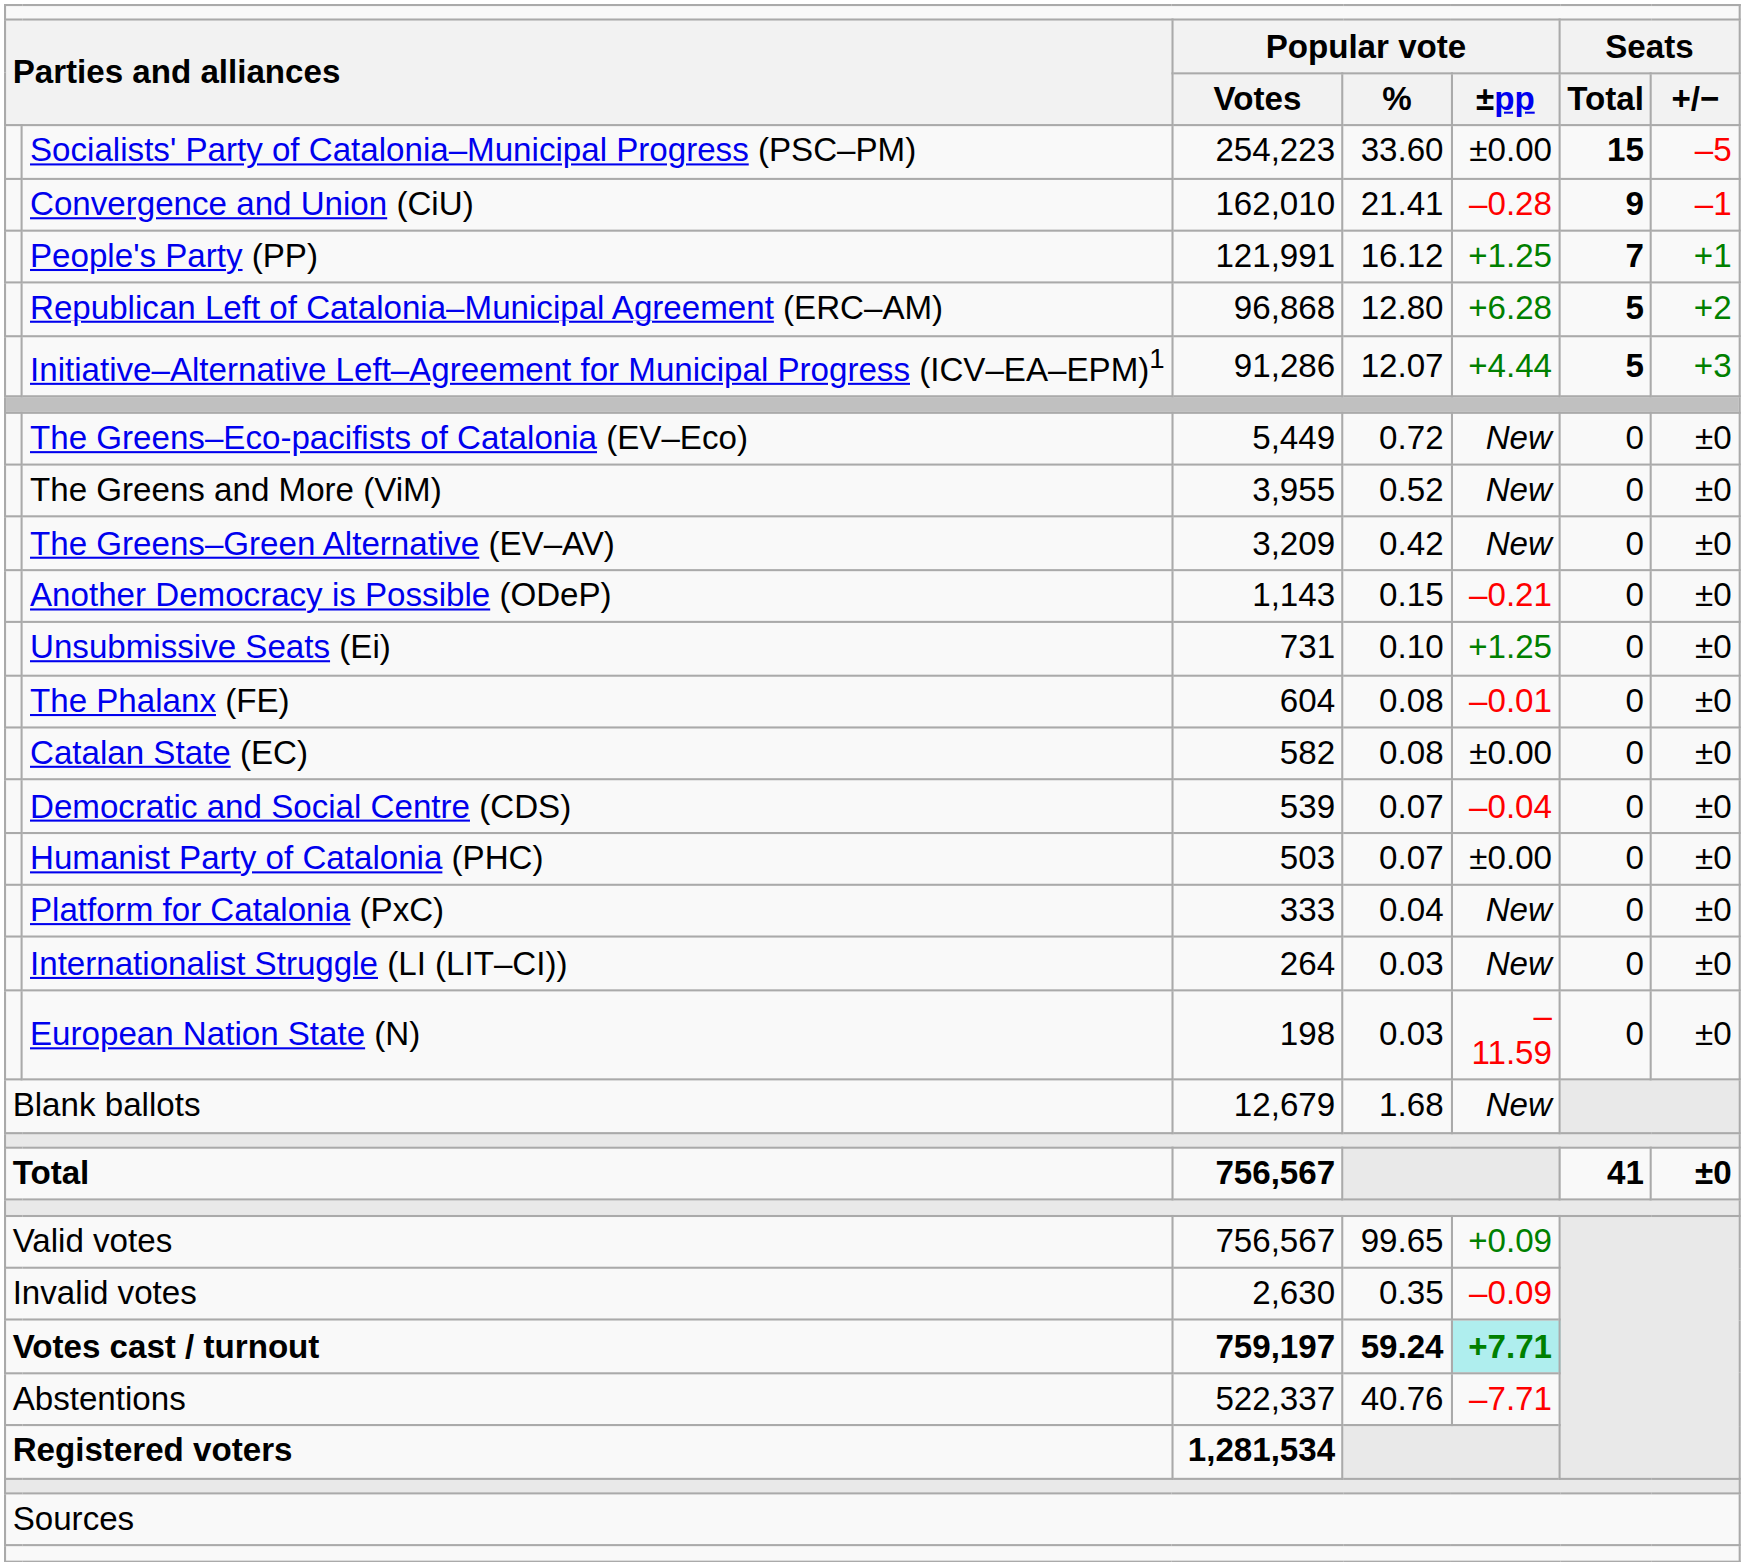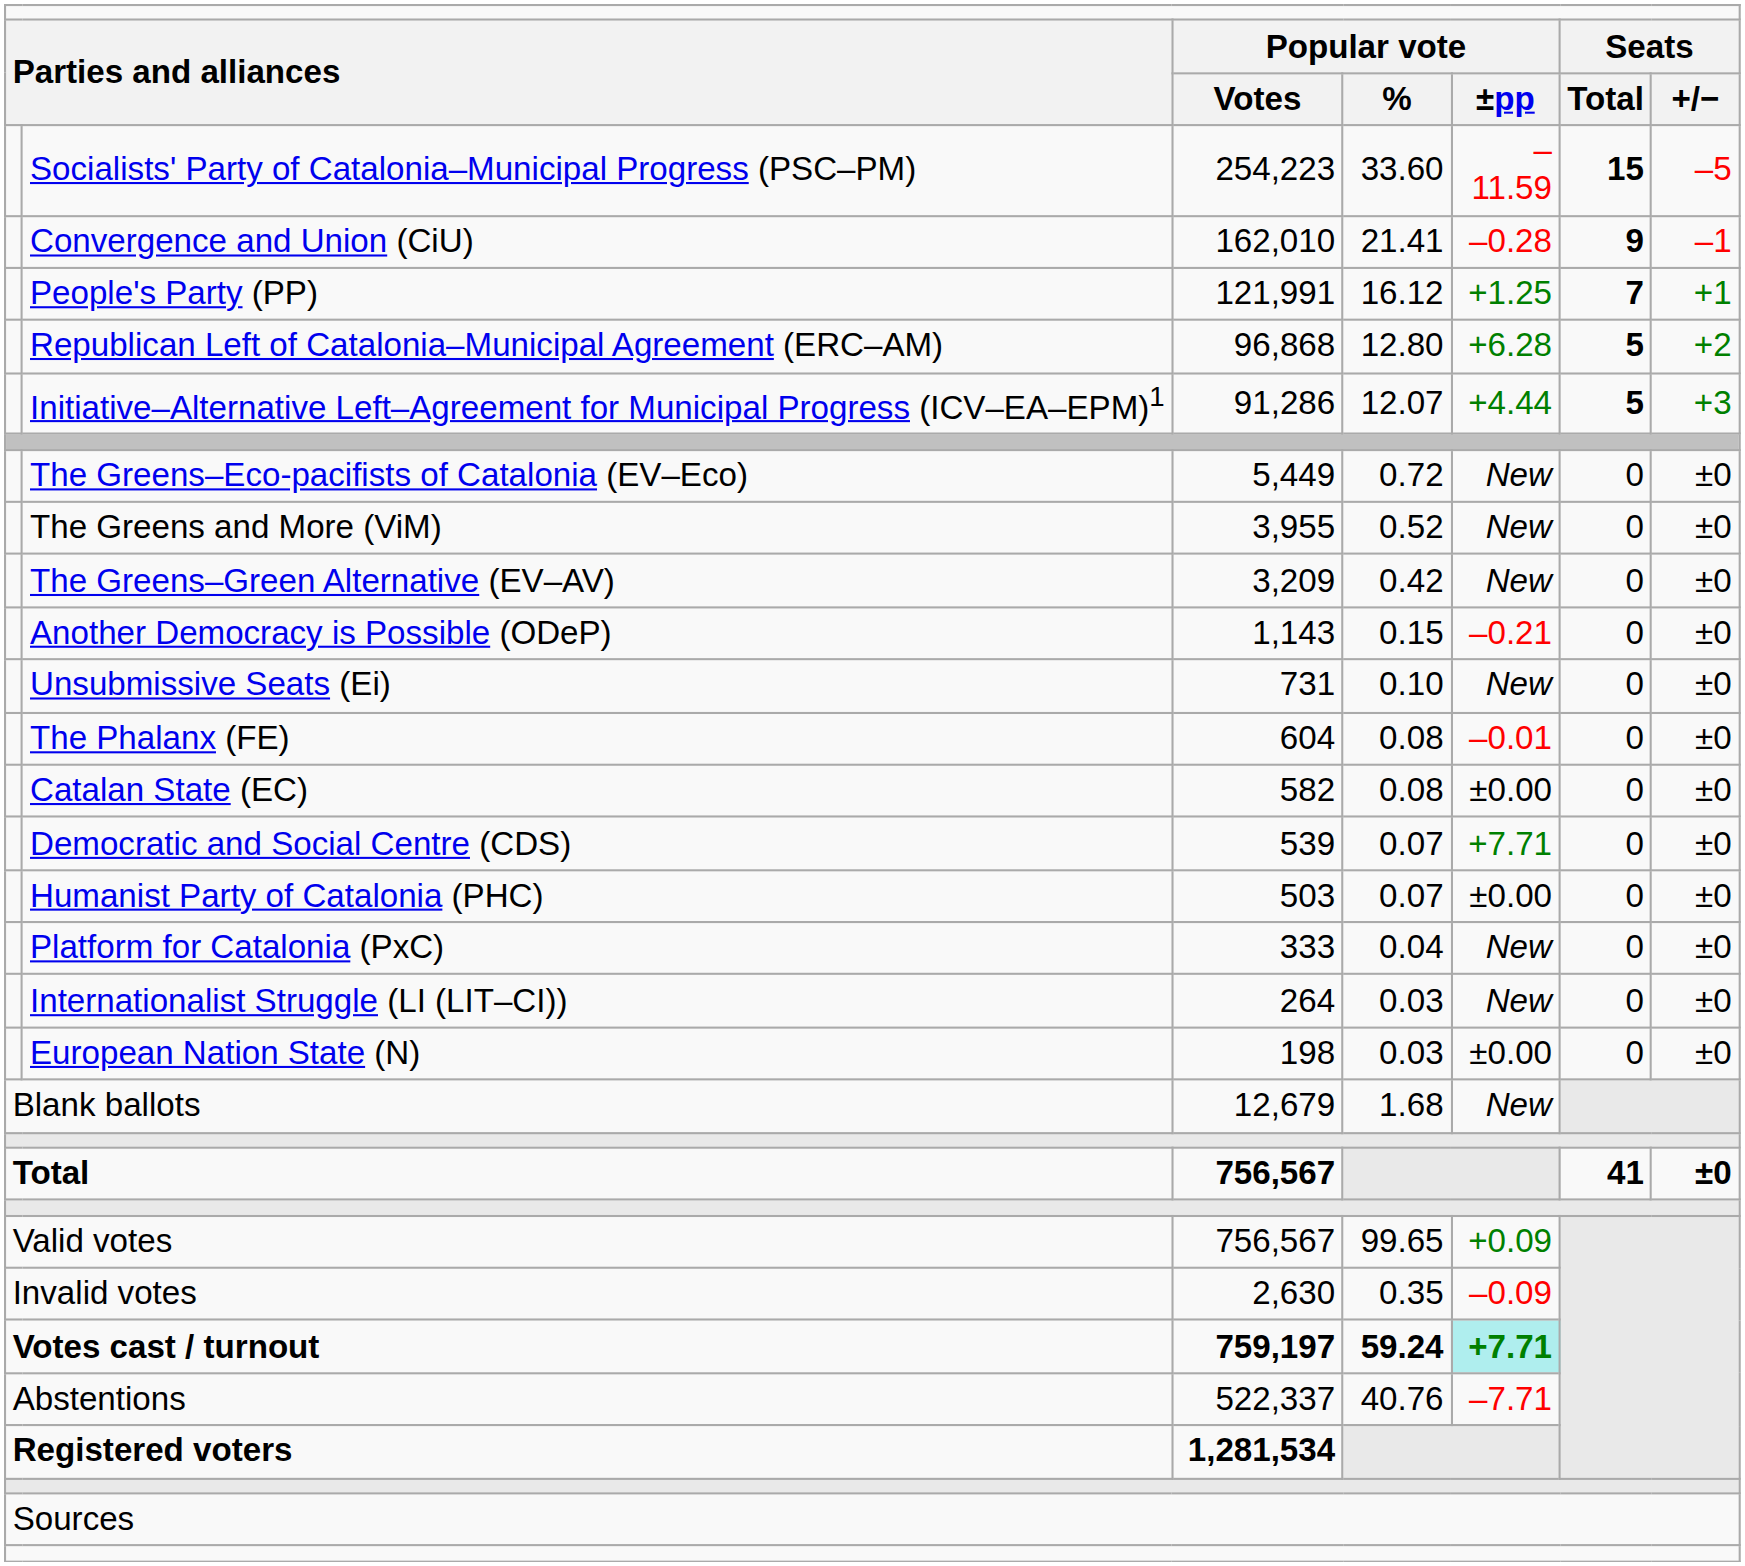 <table class="wikitable" style="text-align:right;">
 <tr>
 <td colspan="7"></td>
 </tr>
 <tr>
 <th style="text-align:left;" rowspan="2" colspan="2" width="525">Parties and alliances</th>
 <th colspan="3">Popular vote</th>
 <th colspan="2">Seats</th>
 </tr>
 <tr>
 <th width="75">Votes</th>
 <th width="45">%</th>
 <th width="45">±<a href='#'>pp</a></th>
 <th width="35">Total</th>
 <th width="35">+/−</th>
 </tr>
 <tr>
 <td width="1" style="color:inherit;background:"></td>
 <td align="left"><a href='#'>Socialists' Party of Catalonia–Municipal Progress</a> (PSC–PM)</td>
 <td>254,223</td>
 <td>33.60</td>
-<td>±0.00</td>
+<td style="color:red;">–11.59</td>
 <td><strong>15</strong></td>
 <td style="color:red;">–5</td>
 </tr>
 <tr>
 <td style="color:inherit;background:"></td>
 <td align="left"><a href='#'>Convergence and Union</a> (CiU)</td>
 <td>162,010</td>
 <td>21.41</td>
 <td style="color:red;">–0.28</td>
 <td><strong>9</strong></td>
 <td style="color:red;">–1</td>
 </tr>
 <tr>
 <td style="color:inherit;background:"></td>
 <td align="left"><a href='#'>People's Party</a> (PP)</td>
 <td>121,991</td>
 <td>16.12</td>
 <td style="color:green;">+1.25</td>
 <td><strong>7</strong></td>
 <td style="color:green;">+1</td>
 </tr>
 <tr>
 <td style="color:inherit;background:"></td>
 <td align="left"><a href='#'>Republican Left of Catalonia–Municipal Agreement</a> (ERC–AM)</td>
 <td>96,868</td>
 <td>12.80</td>
 <td style="color:green;">+6.28</td>
 <td><strong>5</strong></td>
 <td style="color:green;">+2</td>
 </tr>
 <tr>
 <td style="color:inherit;background:"></td>
 <td align="left"><a href='#'>Initiative–Alternative Left–Agreement for Municipal Progress</a> (ICV–EA–EPM)<sup>1</sup></td>
 <td>91,286</td>
 <td>12.07</td>
 <td style="color:green;">+4.44</td>
 <td><strong>5</strong></td>
 <td style="color:green;">+3</td>
 </tr>
 <tr>
 <td colspan="7" bgcolor="#C0C0C0"></td>
 </tr>
 <tr>
 <td style="color:inherit;background:"></td>
 <td align="left"><a href='#'>The Greens–Eco-pacifists of Catalonia</a> (EV–Eco)</td>
 <td>5,449</td>
 <td>0.72</td>
 <td><em>New</em></td>
 <td>0</td>
 <td>±0</td>
 </tr>
 <tr>
 <td style="color:inherit;background:"></td>
 <td align="left">The Greens and More (ViM)</td>
 <td>3,955</td>
 <td>0.52</td>
 <td><em>New</em></td>
 <td>0</td>
 <td>±0</td>
 </tr>
 <tr>
 <td style="color:inherit;background:"></td>
 <td align="left"><a href='#'>The Greens–Green Alternative</a> (EV–AV)</td>
 <td>3,209</td>
 <td>0.42</td>
 <td><em>New</em></td>
 <td>0</td>
 <td>±0</td>
 </tr>
 <tr>
 <td style="color:inherit;background:"></td>
 <td align="left"><a href='#'>Another Democracy is Possible</a> (ODeP)</td>
 <td>1,143</td>
 <td>0.15</td>
 <td style="color:red;">–0.21</td>
 <td>0</td>
 <td>±0</td>
 </tr>
 <tr>
 <td style="color:inherit;background:"></td>
 <td align="left"><a href='#'>Unsubmissive Seats</a> (Ei)</td>
 <td>731</td>
 <td>0.10</td>
-<td style="color:green;">+1.25</td>
+<td><em>New</em></td>
 <td>0</td>
 <td>±0</td>
 </tr>
 <tr>
 <td style="color:inherit;background:"></td>
 <td align="left"><a href='#'>The Phalanx</a> (FE)</td>
 <td>604</td>
 <td>0.08</td>
 <td style="color:red;">–0.01</td>
 <td>0</td>
 <td>±0</td>
 </tr>
 <tr>
 <td style="color:inherit;background:"></td>
 <td align="left"><a href='#'>Catalan State</a> (EC)</td>
 <td>582</td>
 <td>0.08</td>
 <td>±0.00</td>
 <td>0</td>
 <td>±0</td>
 </tr>
 <tr>
 <td style="color:inherit;background:"></td>
 <td align="left"><a href='#'>Democratic and Social Centre</a> (CDS)</td>
 <td>539</td>
 <td>0.07</td>
-<td style="color:red;">–0.04</td>
+<td style="color:green;">+7.71</td>
 <td>0</td>
 <td>±0</td>
 </tr>
 <tr>
 <td style="color:inherit;background:"></td>
 <td align="left"><a href='#'>Humanist Party of Catalonia</a> (PHC)</td>
 <td>503</td>
 <td>0.07</td>
 <td>±0.00</td>
 <td>0</td>
 <td>±0</td>
 </tr>
 <tr>
 <td style="color:inherit;background:"></td>
 <td align="left"><a href='#'>Platform for Catalonia</a> (PxC)</td>
 <td>333</td>
 <td>0.04</td>
 <td><em>New</em></td>
 <td>0</td>
 <td>±0</td>
 </tr>
 <tr>
 <td style="color:inherit;background:"></td>
 <td align="left"><a href='#'>Internationalist Struggle</a> (LI (LIT–CI))</td>
 <td>264</td>
 <td>0.03</td>
 <td><em>New</em></td>
 <td>0</td>
 <td>±0</td>
 </tr>
 <tr>
 <td style="color:inherit;background:"></td>
 <td align="left"><a href='#'>European Nation State</a> (N)</td>
 <td>198</td>
 <td>0.03</td>
-<td style="color:red;">–11.59</td>
+<td>±0.00</td>
 <td>0</td>
 <td>±0</td>
 </tr>
 <tr>
 <td align="left" colspan="2">Blank ballots</td>
 <td>12,679</td>
 <td>1.68</td>
 <td><em>New</em></td>
 <td bgcolor="#E9E9E9" colspan="2"></td>
 </tr>
 <tr>
 <td colspan="7" bgcolor="#E9E9E9"></td>
 </tr>
 <tr style="font-weight:bold;">
 <td align="left" colspan="2">Total</td>
 <td>756,567</td>
 <td bgcolor="#E9E9E9" colspan="2"></td>
 <td>41</td>
 <td>±0</td>
 </tr>
 <tr>
 <td colspan="7" bgcolor="#E9E9E9"></td>
 </tr>
 <tr>
 <td align="left" colspan="2">Valid votes</td>
 <td>756,567</td>
 <td>99.65</td>
 <td style="color:green;">+0.09</td>
 <td bgcolor="#E9E9E9" colspan="2" rowspan="5"></td>
 </tr>
 <tr>
 <td align="left" colspan="2">Invalid votes</td>
 <td>2,630</td>
 <td>0.35</td>
 <td style="color:red;">–0.09</td>
 </tr>
 <tr style="font-weight:bold;">
 <td align="left" colspan="2">Votes cast / turnout</td>
 <td>759,197</td>
 <td>59.24</td>
 <td style="background: paleturquoise; color:green;">+7.71</td>
 </tr>
 <tr>
 <td align="left" colspan="2">Abstentions</td>
 <td>522,337</td>
 <td>40.76</td>
 <td style="color:red;">–7.71</td>
 </tr>
 <tr style="font-weight:bold;">
 <td align="left" colspan="2">Registered voters</td>
 <td>1,281,534</td>
 <td bgcolor="#E9E9E9" colspan="2"></td>
 </tr>
 <tr>
 <td colspan="7" bgcolor="#E9E9E9"></td>
 </tr>
 <tr>
 <td align="left" colspan="7">Sources</td>
 </tr>
 <tr>
 <td colspan="7" style="text-align:left; max-width:790px;"></td>
 </tr>
 </table>
